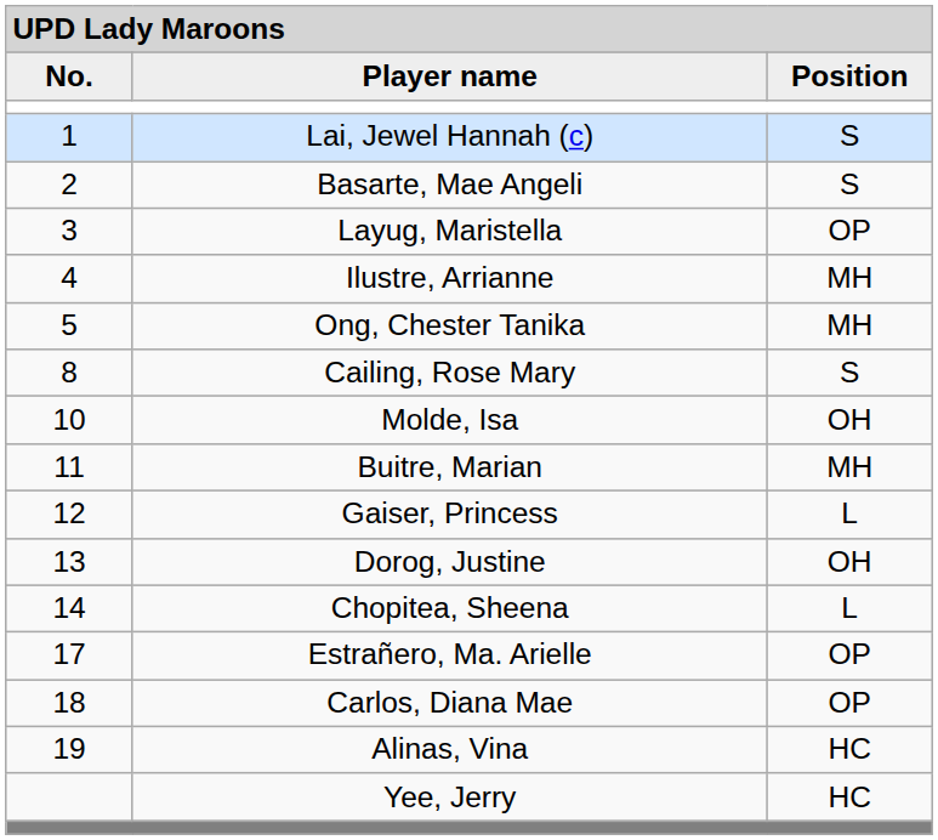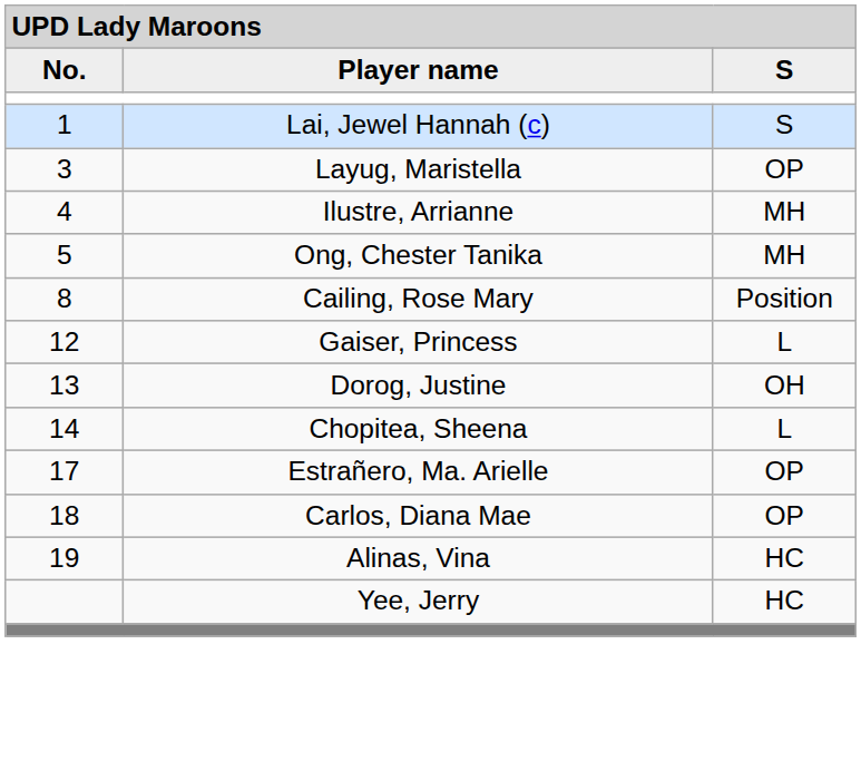 <table class='wikitable mw-collapsible mw-collapsed' style='text-align: center; width: 500px; border: none;'>
 <tr>
 <th style="background:#D4D4D4; text-align:left;" colspan=3> UPD Lady Maroons</th>
 </tr>
 <tr style="background:#EEEEEE; font-weight:bold;">
 <td width=10%>No.</td>
 <td width=50%>Player name</td>
-<td width=10%>Position</td>
+<td align=center>S</td>
 </tr>
 <tr style="background:#FFFFFF;">
 <td colspan=3 align=center></td>
 </tr>
 <tr style="background: #D0E6FF;">
 <td align=center>1</td>
 <td>Lai, Jewel Hannah (<a href='#'>c</a>)</td>
-<td align=center>S</td>
-</tr>
-<tr>
-<td align=center>2</td>
-<td>Basarte, Mae Angeli</td>
 <td align=center>S</td>
 </tr>
 <tr>
 <td align=center>3</td>
 <td>Layug, Maristella</td>
 <td align=center>OP</td>
 </tr>
 <tr>
 <td align=center>4</td>
 <td>Ilustre, Arrianne</td>
 <td align=center>MH</td>
 </tr>
 <tr>
 <td align=center>5</td>
 <td>Ong, Chester Tanika</td>
 <td align=center>MH</td>
 </tr>
 <tr>
 <td align=center>8</td>
 <td>Cailing, Rose Mary</td>
-<td align=center>S</td>
-</tr>
-<tr>
-<td align=center>10</td>
-<td>Molde, Isa</td>
-<td align=center>OH</td>
-</tr>
-<tr>
-<td align=center>11</td>
-<td>Buitre, Marian</td>
-<td align=center>MH</td>
+<td width=10%>Position</td>
 </tr>
 <tr>
 <td align=center>12</td>
 <td>Gaiser, Princess</td>
 <td align=center>L</td>
 </tr>
 <tr>
 <td align=center>13</td>
 <td>Dorog, Justine</td>
 <td align=center>OH</td>
 </tr>
 <tr>
 <td align=center>14</td>
 <td>Chopitea, Sheena</td>
 <td align=center>L</td>
 </tr>
 <tr>
 <td align=center>17</td>
 <td>Estrañero, Ma. Arielle</td>
 <td align=center>OP</td>
 </tr>
 <tr>
 <td align=center>18</td>
 <td>Carlos, Diana Mae</td>
 <td align=center>OP</td>
 </tr>
 <tr>
 <td align=center>19</td>
 <td>Alinas, Vina</td>
 <td align=center>HC</td>
 </tr>
 <tr>
 <td align=center></td>
 <td>Yee, Jerry</td>
 <td align=center>HC</td>
 </tr>
 <tr>
 <th style='background: grey;' colspan=3></th>
 </tr>
 </table>
